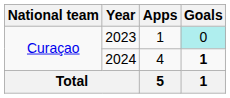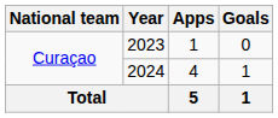 <table class="wikitable" style="text-align:center">
 <tr>
 <th>National team</th>
 <th>Year</th>
 <th>Apps</th>
 <th>Goals</th>
 </tr>
 <tr>
 <td rowspan="2"><a href='#'>Curaçao</a></td>
 <td>2023</td>
 <td>1</td>
-<td style="background: paleturquoise;">0</td>
+<td>0</td>
 </tr>
 <tr>
 <td>2024</td>
 <td>4</td>
-<td><strong>1</strong></td>
+<td>1</td>
 </tr>
 <tr>
 <th colspan="2">Total</th>
 <th>5</th>
 <th>1</th>
 </tr>
 </table>
